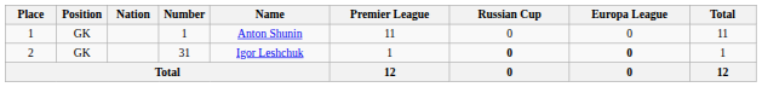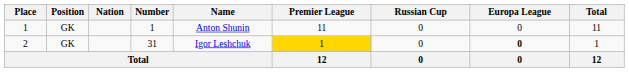 <table class="wikitable" style="font-size: 95%; text-align: center;">
 <tr>
 <th width=60>Place</th>
 <th width=60>Position</th>
 <th width=60>Nation</th>
 <th width=60>Number</th>
 <th width=150>Name</th>
 <th width=150>Premier League</th>
 <th width=150>Russian Cup</th>
 <th width=150>Europa League</th>
 <th width=80>Total</th>
 </tr>
 <tr>
 <td>1</td>
 <td>GK</td>
 <td></td>
 <td>1</td>
 <td><a href='#'>Anton Shunin</a></td>
 <td>11</td>
 <td>0</td>
 <td>0</td>
 <td>11</td>
 </tr>
 <tr>
 <td>2</td>
 <td>GK</td>
 <td></td>
 <td>31</td>
 <td><a href='#'>Igor Leshchuk</a></td>
-<td>1</td>
-<td><strong>0</strong></td>
+<td style="background: gold;">1</td>
+<td>0</td>
 <td><strong>0</strong></td>
 <td>1</td>
 </tr>
 <tr>
 <th colspan=5>Total</th>
 <th>12</th>
 <th>0</th>
 <th>0</th>
 <th>12</th>
 </tr>
 </table>
